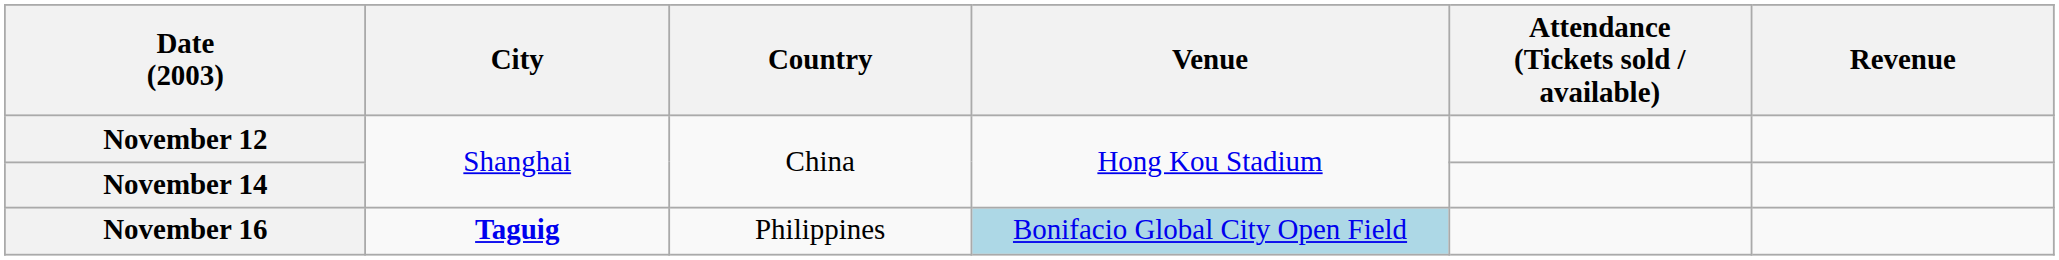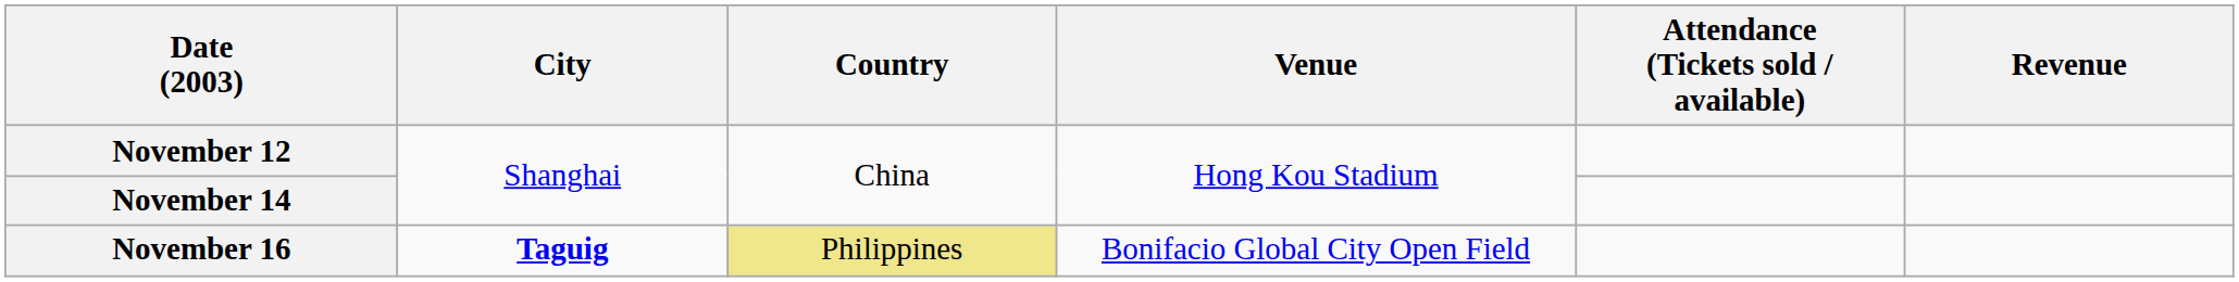 <table class="wikitable plainrowheaders" style="text-align:center;">
 <tr>
 <th scope="col" style="width:12em;">Date<br>(2003)</th>
 <th scope="col" style="width:10em;">City</th>
 <th scope="col" style="width:10em;">Country</th>
 <th scope="col" style="width:16em;">Venue</th>
 <th scope="col" style="width:10em;">Attendance <br>(Tickets sold / available)</th>
 <th scope="col" style="width:10em;">Revenue</th>
 </tr>
 <tr>
 <th scope="row" style="text-align:center;">November 12</th>
 <td rowspan="2"><a href='#'>Shanghai</a></td>
 <td rowspan="2">China</td>
 <td rowspan="2"><a href='#'>Hong Kou Stadium</a></td>
 <td></td>
 <td></td>
 </tr>
 <tr>
 <th scope="row" style="text-align:center;">November 14</th>
 <td></td>
 <td></td>
 </tr>
 <tr>
 <th scope="row" style="text-align:center;">November 16</th>
 <td><strong><a href='#'>Taguig</a></strong></td>
-<td>Philippines</td>
-<td style="background: lightblue;"><a href='#'>Bonifacio Global City Open Field</a></td>
+<td style="background: khaki;">Philippines</td>
+<td><a href='#'>Bonifacio Global City Open Field</a></td>
 <td></td>
 <td></td>
 </tr>
 </table>
